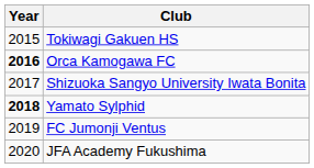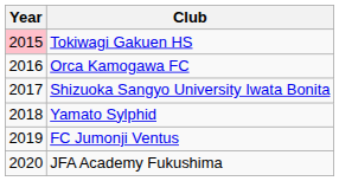 <table class="wikitable">
 <tr>
 <th>Year</th>
 <th colspan="2">Club</th>
 </tr>
 <tr>
-<td>2015</td>
+<td style="background: pink;">2015</td>
 <td colspan="2"><a href='#'>Tokiwagi Gakuen HS</a></td>
 </tr>
 <tr>
-<td><strong>2016</strong></td>
+<td>2016</td>
 <td colspan="2"><a href='#'>Orca Kamogawa FC</a></td>
 </tr>
 <tr>
 <td>2017</td>
 <td colspan="2"><a href='#'>Shizuoka Sangyo University Iwata Bonita</a></td>
 </tr>
 <tr>
-<td><strong>2018</strong></td>
+<td>2018</td>
 <td colspan="2"><a href='#'>Yamato Sylphid</a></td>
 </tr>
 <tr>
 <td>2019</td>
 <td colspan="2"><a href='#'>FC Jumonji Ventus</a></td>
 </tr>
 <tr>
 <td>2020</td>
 <td colspan="2">JFA Academy Fukushima</td>
 </tr>
 </table>
